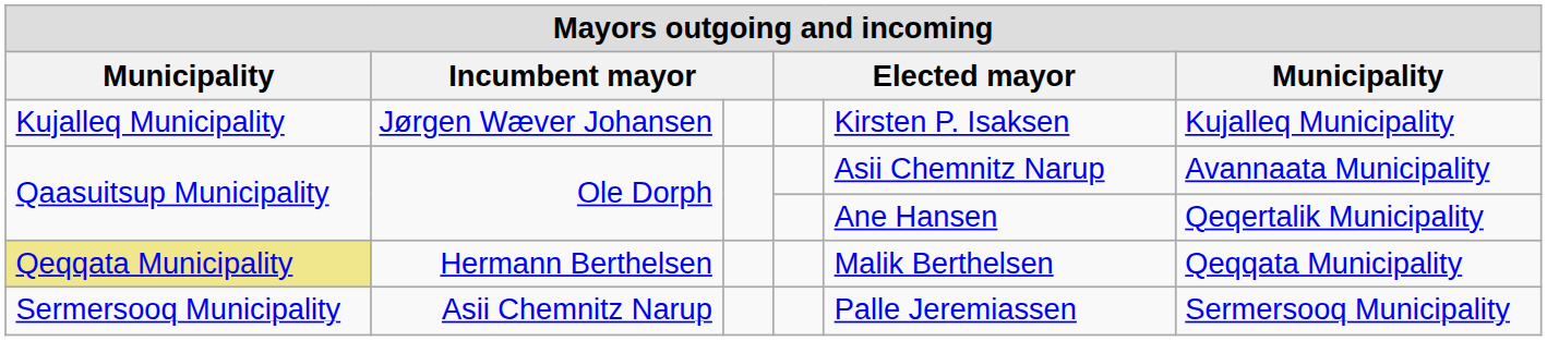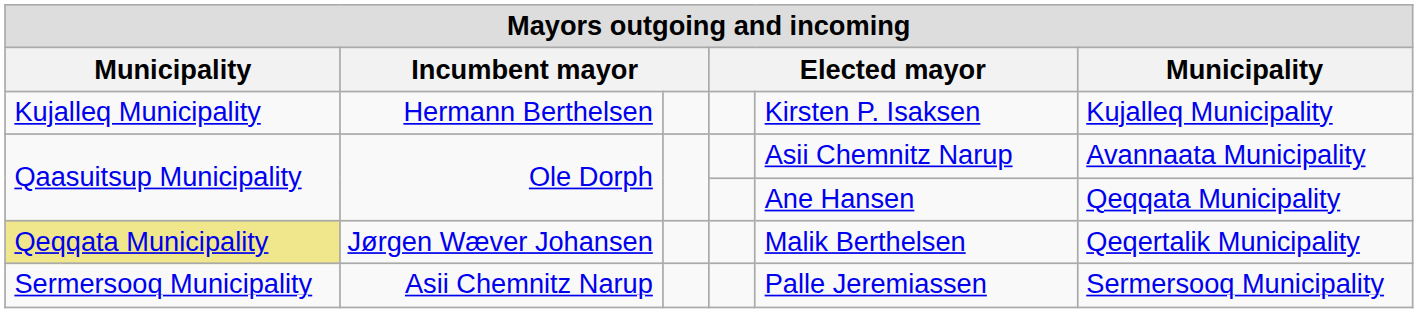 <table class="wikitable" style="margin-left:1em;">
 <tr>
 <td colspan="6" style="background:#dddddd; text-align:center;"><strong>Mayors outgoing and incoming</strong></td>
 </tr>
 <tr>
 <th style="width:190px;">Municipality</th>
 <th colspan="2">Incumbent mayor</th>
 <th colspan="2">Elected mayor</th>
 <th style="width:190px;">Municipality</th>
 </tr>
 <tr>
 <td style="padding-left:5px;"><a href='#'>Kujalleq Municipality</a></td>
-<td style="width:180px; text-align:right; padding-right:5px;"><a href='#'>Jørgen Wæver Johansen</a></td>
+<td style="text-align:right; padding-right:5px;"><a href='#'>Hermann Berthelsen</a></td>
 <td style="width:20px; background:"></td>
 <td style="width:20px; background:"></td>
 <td style="width:180px; padding-left:5px;"><a href='#'>Kirsten P. Isaksen</a></td>
 <td style="padding-left:5px;"><a href='#'>Kujalleq Municipality</a></td>
 </tr>
 <tr>
 <td rowspan="2" style="padding-left:5px;"><a href='#'>Qaasuitsup Municipality</a></td>
 <td rowspan="2" style="text-align:right; padding-right:5px;"><a href='#'>Ole Dorph</a></td>
 <td rowspan="2" style="background:"></td>
 <td colspan="1" style="background:"></td>
 <td style="padding-left:5px;"><a href='#'>Asii Chemnitz Narup</a></td>
 <td colspan="1" style="padding-left:5px;"><a href='#'>Avannaata Municipality</a></td>
 </tr>
 <tr>
 <td colspan="1" style="background:"></td>
 <td colspan="1" style="padding-left:5px;"><a href='#'>Ane Hansen</a></td>
-<td colspan="1" style="padding-left:5px;"><a href='#'>Qeqertalik Municipality</a></td>
+<td style="padding-left:5px;"><a href='#'>Qeqqata Municipality</a></td>
 </tr>
 <tr>
 <td style="background: khaki; padding-left:5px;"><a href='#'>Qeqqata Municipality</a></td>
-<td style="text-align:right; padding-right:5px;"><a href='#'>Hermann Berthelsen</a></td>
+<td style="width:180px; text-align:right; padding-right:5px;"><a href='#'>Jørgen Wæver Johansen</a></td>
 <td style="background:"></td>
 <td style="background:"></td>
 <td style="padding-left:5px;"><a href='#'>Malik Berthelsen</a></td>
-<td style="padding-left:5px;"><a href='#'>Qeqqata Municipality</a></td>
+<td colspan="1" style="padding-left:5px;"><a href='#'>Qeqertalik Municipality</a></td>
 </tr>
 <tr>
 <td style="padding-left:5px;"><a href='#'>Sermersooq Municipality</a></td>
 <td style="text-align:right; padding-right:5px;"><a href='#'>Asii Chemnitz Narup</a></td>
 <td style="background:"></td>
 <td style="background:"></td>
 <td colspan="1" style="padding-left:5px;"><a href='#'>Palle Jeremiassen</a></td>
 <td style="padding-left:5px;"><a href='#'>Sermersooq Municipality</a></td>
 </tr>
 </table>
